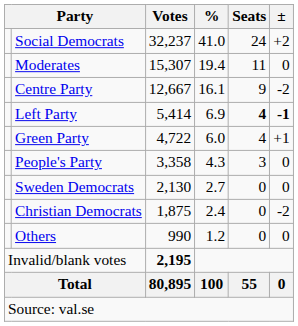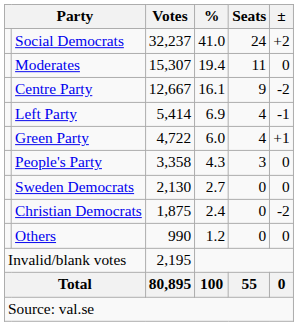 <table class=wikitable style=text-align:right>
 <tr>
 <th colspan=2>Party</th>
 <th>Votes</th>
 <th>%</th>
 <th>Seats</th>
 <th>±</th>
 </tr>
 <tr>
 <td bgcolor=></td>
 <td align=left><a href='#'>Social Democrats</a></td>
 <td>32,237</td>
 <td>41.0</td>
 <td>24</td>
 <td>+2</td>
 </tr>
 <tr>
 <td bgcolor=></td>
 <td align=left><a href='#'>Moderates</a></td>
 <td>15,307</td>
 <td>19.4</td>
 <td>11</td>
 <td>0</td>
 </tr>
 <tr>
 <td bgcolor=></td>
 <td align=left><a href='#'>Centre Party</a></td>
 <td>12,667</td>
 <td>16.1</td>
 <td>9</td>
 <td>-2</td>
 </tr>
 <tr>
 <td bgcolor=></td>
 <td align=left><a href='#'>Left Party</a></td>
 <td>5,414</td>
 <td>6.9</td>
-<td><strong>4</strong></td>
-<td><strong>-1</strong></td>
+<td>4</td>
+<td>-1</td>
 </tr>
 <tr>
 <td bgcolor=></td>
 <td align=left><a href='#'>Green Party</a></td>
 <td>4,722</td>
 <td>6.0</td>
 <td>4</td>
 <td>+1</td>
 </tr>
 <tr>
 <td bgcolor=></td>
 <td align=left><a href='#'>People's Party</a></td>
 <td>3,358</td>
 <td>4.3</td>
 <td>3</td>
 <td>0</td>
 </tr>
 <tr>
 <td bgcolor=></td>
 <td align=left><a href='#'>Sweden Democrats</a></td>
 <td>2,130</td>
 <td>2.7</td>
 <td>0</td>
 <td>0</td>
 </tr>
 <tr>
 <td bgcolor=></td>
 <td align=left><a href='#'>Christian Democrats</a></td>
 <td>1,875</td>
 <td>2.4</td>
 <td>0</td>
 <td>-2</td>
 </tr>
 <tr>
 <td></td>
 <td align=left><a href='#'>Others</a></td>
 <td>990</td>
 <td>1.2</td>
 <td>0</td>
 <td>0</td>
 </tr>
 <tr>
 <td align=left colspan=2>Invalid/blank votes</td>
-<td><strong>2,195</strong></td>
+<td>2,195</td>
 <td colspan=3></td>
 </tr>
 <tr>
 <th align=left colspan=2>Total</th>
 <th>80,895</th>
 <th>100</th>
 <th>55</th>
 <th>0</th>
 </tr>
 <tr>
 <td align=left colspan=6>Source: val.se </td>
 </tr>
 </table>
